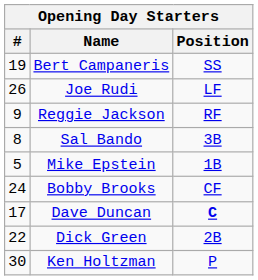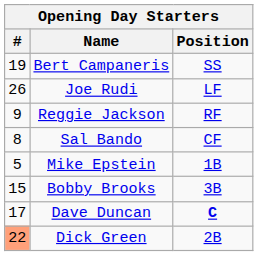 <table class="wikitable" style="text-align:center">
 <tr>
 <th colspan="3">Opening Day Starters</th>
 </tr>
 <tr>
 <th>#</th>
 <th>Name</th>
 <th>Position</th>
 </tr>
 <tr>
 <td>19</td>
 <td><a href='#'>Bert Campaneris</a></td>
 <td><a href='#'>SS</a></td>
 </tr>
 <tr>
 <td>26</td>
 <td><a href='#'>Joe Rudi</a></td>
 <td><a href='#'>LF</a></td>
 </tr>
 <tr>
 <td>9</td>
 <td><a href='#'>Reggie Jackson</a></td>
 <td><a href='#'>RF</a></td>
 </tr>
 <tr>
 <td>8</td>
 <td><a href='#'>Sal Bando</a></td>
-<td><a href='#'>3B</a></td>
+<td><a href='#'>CF</a></td>
 </tr>
 <tr>
 <td>5</td>
 <td><a href='#'>Mike Epstein</a></td>
 <td><a href='#'>1B</a></td>
 </tr>
 <tr>
-<td>24</td>
+<td>15</td>
 <td><a href='#'>Bobby Brooks</a></td>
-<td><a href='#'>CF</a></td>
+<td><a href='#'>3B</a></td>
 </tr>
 <tr>
 <td>17</td>
 <td><a href='#'>Dave Duncan</a></td>
 <td><strong><a href='#'>C</a></strong></td>
 </tr>
 <tr>
-<td>22</td>
+<td style="background: lightsalmon;">22</td>
 <td><a href='#'>Dick Green</a></td>
 <td><a href='#'>2B</a></td>
 </tr>
-<tr>
-<td>30</td>
-<td><a href='#'>Ken Holtzman</a></td>
-<td><a href='#'>P</a></td>
-</tr>
 </table>
